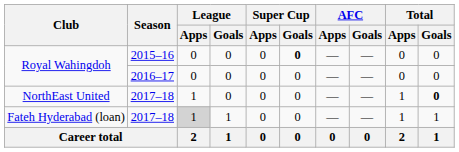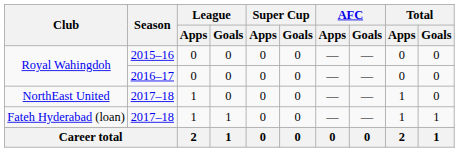 <table class="wikitable" style="font-size:90%; text-align:center;">
 <tr>
 <th rowspan="2">Club</th>
 <th rowspan="2">Season</th>
 <th colspan="2">League</th>
 <th colspan="2">Super Cup</th>
 <th colspan="2"><a href='#'>AFC</a></th>
 <th colspan="2">Total</th>
 </tr>
 <tr>
 <th>Apps</th>
 <th>Goals</th>
 <th>Apps</th>
 <th>Goals</th>
 <th>Apps</th>
 <th>Goals</th>
 <th>Apps</th>
 <th>Goals</th>
 </tr>
 <tr>
 <td rowspan="2"><a href='#'>Royal Wahingdoh</a></td>
 <td><a href='#'>2015–16</a></td>
 <td>0</td>
 <td>0</td>
 <td>0</td>
-<td><strong>0</strong></td>
+<td>0</td>
 <td>—</td>
 <td>—</td>
 <td>0</td>
 <td>0</td>
 </tr>
 <tr>
 <td><a href='#'>2016–17</a></td>
 <td>0</td>
 <td>0</td>
 <td>0</td>
 <td>0</td>
 <td>—</td>
 <td>—</td>
 <td>0</td>
 <td>0</td>
 </tr>
 <tr>
 <td><a href='#'>NorthEast United</a></td>
 <td><a href='#'>2017–18</a></td>
 <td>1</td>
 <td>0</td>
 <td>0</td>
 <td>0</td>
 <td>—</td>
 <td>—</td>
 <td>1</td>
-<td><strong>0</strong></td>
+<td>0</td>
 </tr>
 <tr>
 <td><a href='#'>Fateh Hyderabad</a> (loan)</td>
 <td><a href='#'>2017–18</a></td>
-<td style="background: lightgrey;">1</td>
+<td>1</td>
 <td>1</td>
 <td>0</td>
 <td>0</td>
 <td>—</td>
 <td>—</td>
 <td>1</td>
 <td>1</td>
 </tr>
 <tr>
 <th colspan="2">Career total</th>
 <th>2</th>
 <th>1</th>
 <th>0</th>
 <th>0</th>
 <th>0</th>
 <th>0</th>
 <th>2</th>
 <th>1</th>
 </tr>
 </table>
